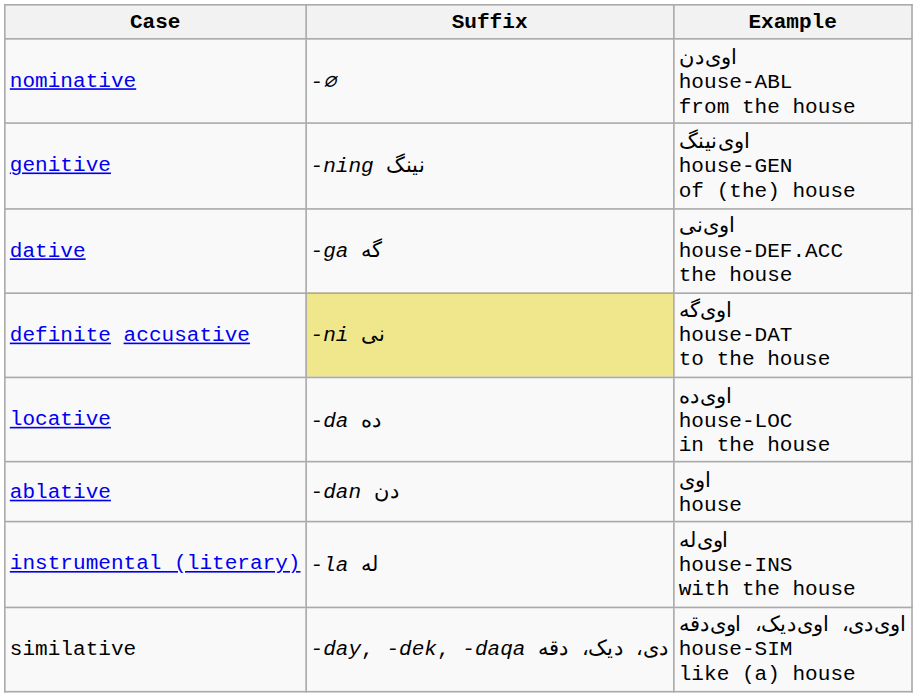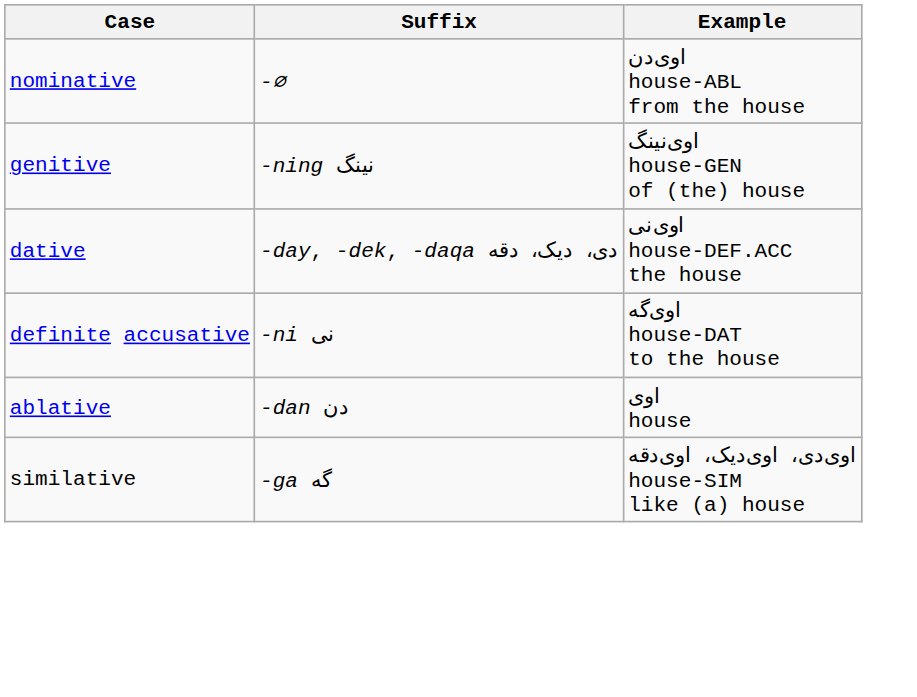 <table class="wikitable">
 <tr>
 <th>Case</th>
 <th>Suffix</th>
 <th>Example</th>
 </tr>
 <tr>
 <td><a href='#'>nominative</a></td>
 <td><em>-∅</em></td>
 <td> اوی‌دن<br>house-ABL<br>from the house</td>
 </tr>
 <tr>
 <td><a href='#'>genitive</a></td>
 <td><em>-ning</em> نینگ</td>
 <td> اوی‌نینگ<br>house-GEN<br>of (the) house</td>
 </tr>
 <tr>
 <td><a href='#'>dative</a></td>
-<td><em>-ga</em> گه</td>
+<td><em>-day</em>, <em>-dek</em>, <em>-daqa</em> دی، دیک، دقه</td>
 <td> اوی‌نی<br>house-DEF.ACC<br>the house</td>
 </tr>
 <tr>
 <td><a href='#'>definite</a> <a href='#'>accusative</a></td>
-<td style="background: khaki;"><em>-ni</em> نی</td>
+<td><em>-ni</em> نی</td>
 <td> اوی‌گه<br>house-DAT<br>to the house</td>
-</tr>
-<tr>
-<td><a href='#'>locative</a></td>
-<td><em>-da</em> ده</td>
-<td> اوی‌ده<br>house-LOC<br>in the house</td>
 </tr>
 <tr>
 <td><a href='#'>ablative</a></td>
 <td><em>-dan</em> دن</td>
 <td> اوی<br>house</td>
 </tr>
 <tr>
-<td><a href='#'>instrumental (literary)</a></td>
-<td><em>-la</em> له</td>
-<td> اوی‌له<br>house-INS<br>with the house</td>
-</tr>
-<tr>
 <td>similative</td>
-<td><em>-day</em>, <em>-dek</em>, <em>-daqa</em> دی، دیک، دقه</td>
+<td><em>-ga</em> گه</td>
 <td> اوی‌دی، اوی‌دیک، اوی‌دقه<br>house-SIM<br>like (a) house</td>
 </tr>
 </table>
